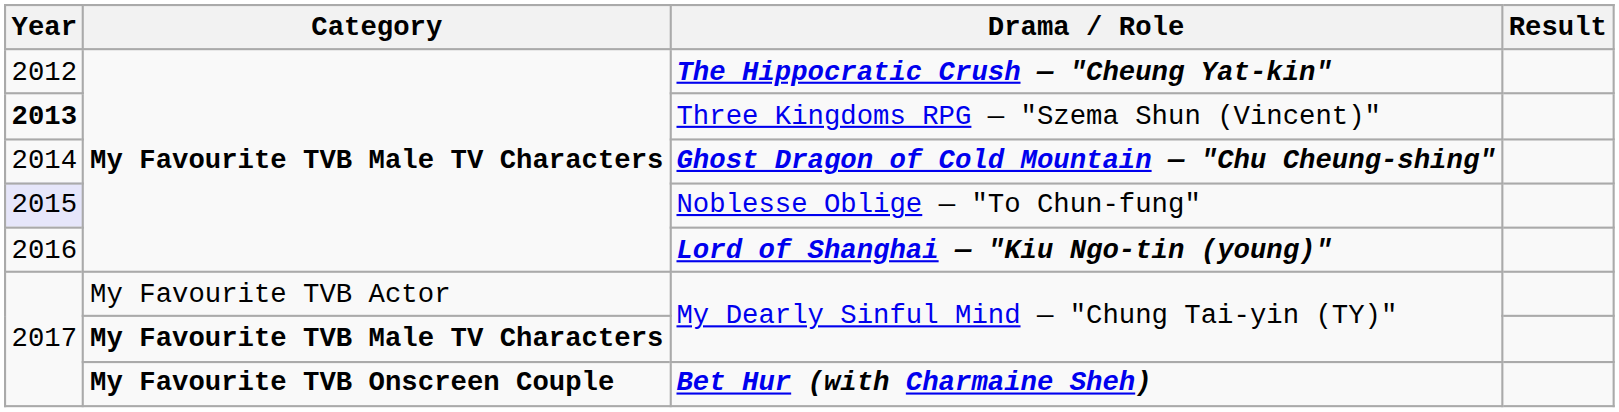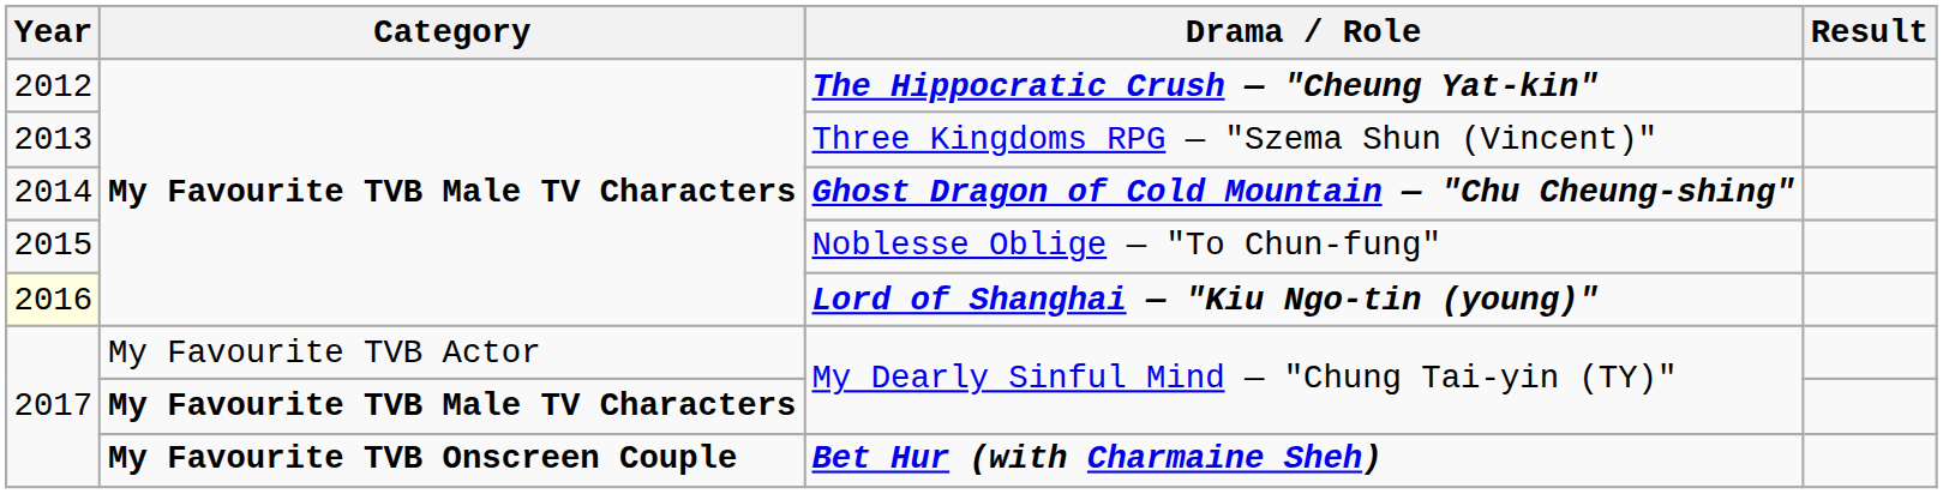 <table class="wikitable sortable">
 <tr>
 <th>Year</th>
 <th>Category</th>
 <th>Drama / Role</th>
 <th>Result</th>
 </tr>
 <tr>
 <td>2012</td>
 <td rowspan=5><strong>My Favourite TVB Male TV Characters</strong></td>
 <td><strong><em><a href='#'>The Hippocratic Crush</a><em> — "Cheung Yat-kin"<strong></td>
 <td></td>
 </tr>
 <tr>
-<td><strong>2013</strong></td>
+<td>2013</td>
 <td></em></strong><a href='#'>Three Kingdoms RPG</a></em> — "Szema Shun (Vincent)"</strong></td>
 <td></td>
 </tr>
 <tr>
 <td>2014</td>
 <td><strong><em><a href='#'>Ghost Dragon of Cold Mountain</a><em> — "Chu Cheung-shing"<strong></td>
 <td></td>
 </tr>
 <tr>
-<td style="background: lavender;">2015</td>
+<td>2015</td>
 <td></em></strong><a href='#'>Noblesse Oblige</a></em> — "To Chun-fung"</strong></td>
 <td></td>
 </tr>
 <tr>
-<td>2016</td>
+<td style="background: lightyellow;">2016</td>
 <td><strong><em><a href='#'>Lord of Shanghai</a><em> — "Kiu Ngo-tin (young)"<strong></td>
 <td></td>
 </tr>
 <tr>
 <td rowspan=3>2017</td>
 <td>My Favourite TVB Actor</td>
 <td rowspan=2></em></strong><a href='#'>My Dearly Sinful Mind</a></em> — "Chung Tai-yin (TY)"</strong></td>
 <td></td>
 </tr>
 <tr>
 <td><strong>My Favourite TVB Male TV Characters</strong></td>
 <td></td>
 </tr>
 <tr>
 <td><strong>My Favourite TVB Onscreen Couple</strong></td>
 <td><strong><em><a href='#'>Bet Hur</a><em> (with <a href='#'>Charmaine Sheh</a>) <strong></td>
 <td></td>
 </tr>
 </table>
